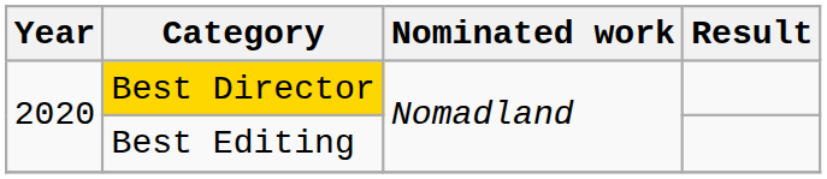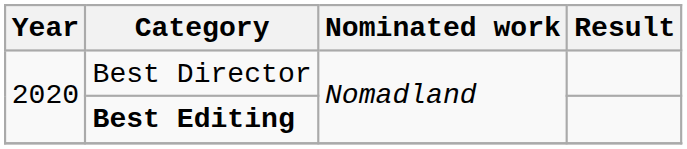 <table class="wikitable">
 <tr>
 <th>Year</th>
 <th>Category</th>
 <th>Nominated work</th>
 <th>Result</th>
 </tr>
 <tr>
 <td rowspan="2">2020</td>
-<td style="background: gold;">Best Director</td>
+<td>Best Director</td>
 <td rowspan=2><em>Nomadland</em></td>
 <td></td>
 </tr>
 <tr>
-<td>Best Editing</td>
+<td><strong>Best Editing</strong></td>
 <td></td>
 </tr>
 <tr>
 </tr>
 </table>
